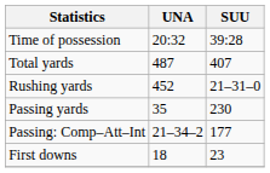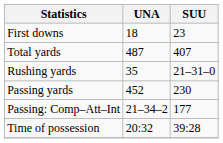 <table class="wikitable" style="float: left;">
 <tr>
 <th>Statistics</th>
 <th>UNA</th>
 <th>SUU</th>
 </tr>
 <tr>
-<td>Time of possession</td>
-<td>20:32</td>
-<td>39:28</td>
+<td>First downs</td>
+<td>18</td>
+<td>23</td>
 </tr>
 <tr>
 <td>Total yards</td>
 <td>487</td>
 <td>407</td>
 </tr>
 <tr>
 <td>Rushing yards</td>
-<td>452</td>
+<td>35</td>
 <td>21–31–0</td>
 </tr>
 <tr>
 <td>Passing yards</td>
-<td>35</td>
+<td>452</td>
 <td>230</td>
 </tr>
 <tr>
 <td>Passing: Comp–Att–Int</td>
 <td>21–34–2</td>
 <td>177</td>
 </tr>
 <tr>
-<td>First downs</td>
-<td>18</td>
-<td>23</td>
+<td>Time of possession</td>
+<td>20:32</td>
+<td>39:28</td>
 </tr>
 <tr>
 </tr>
 </table>
